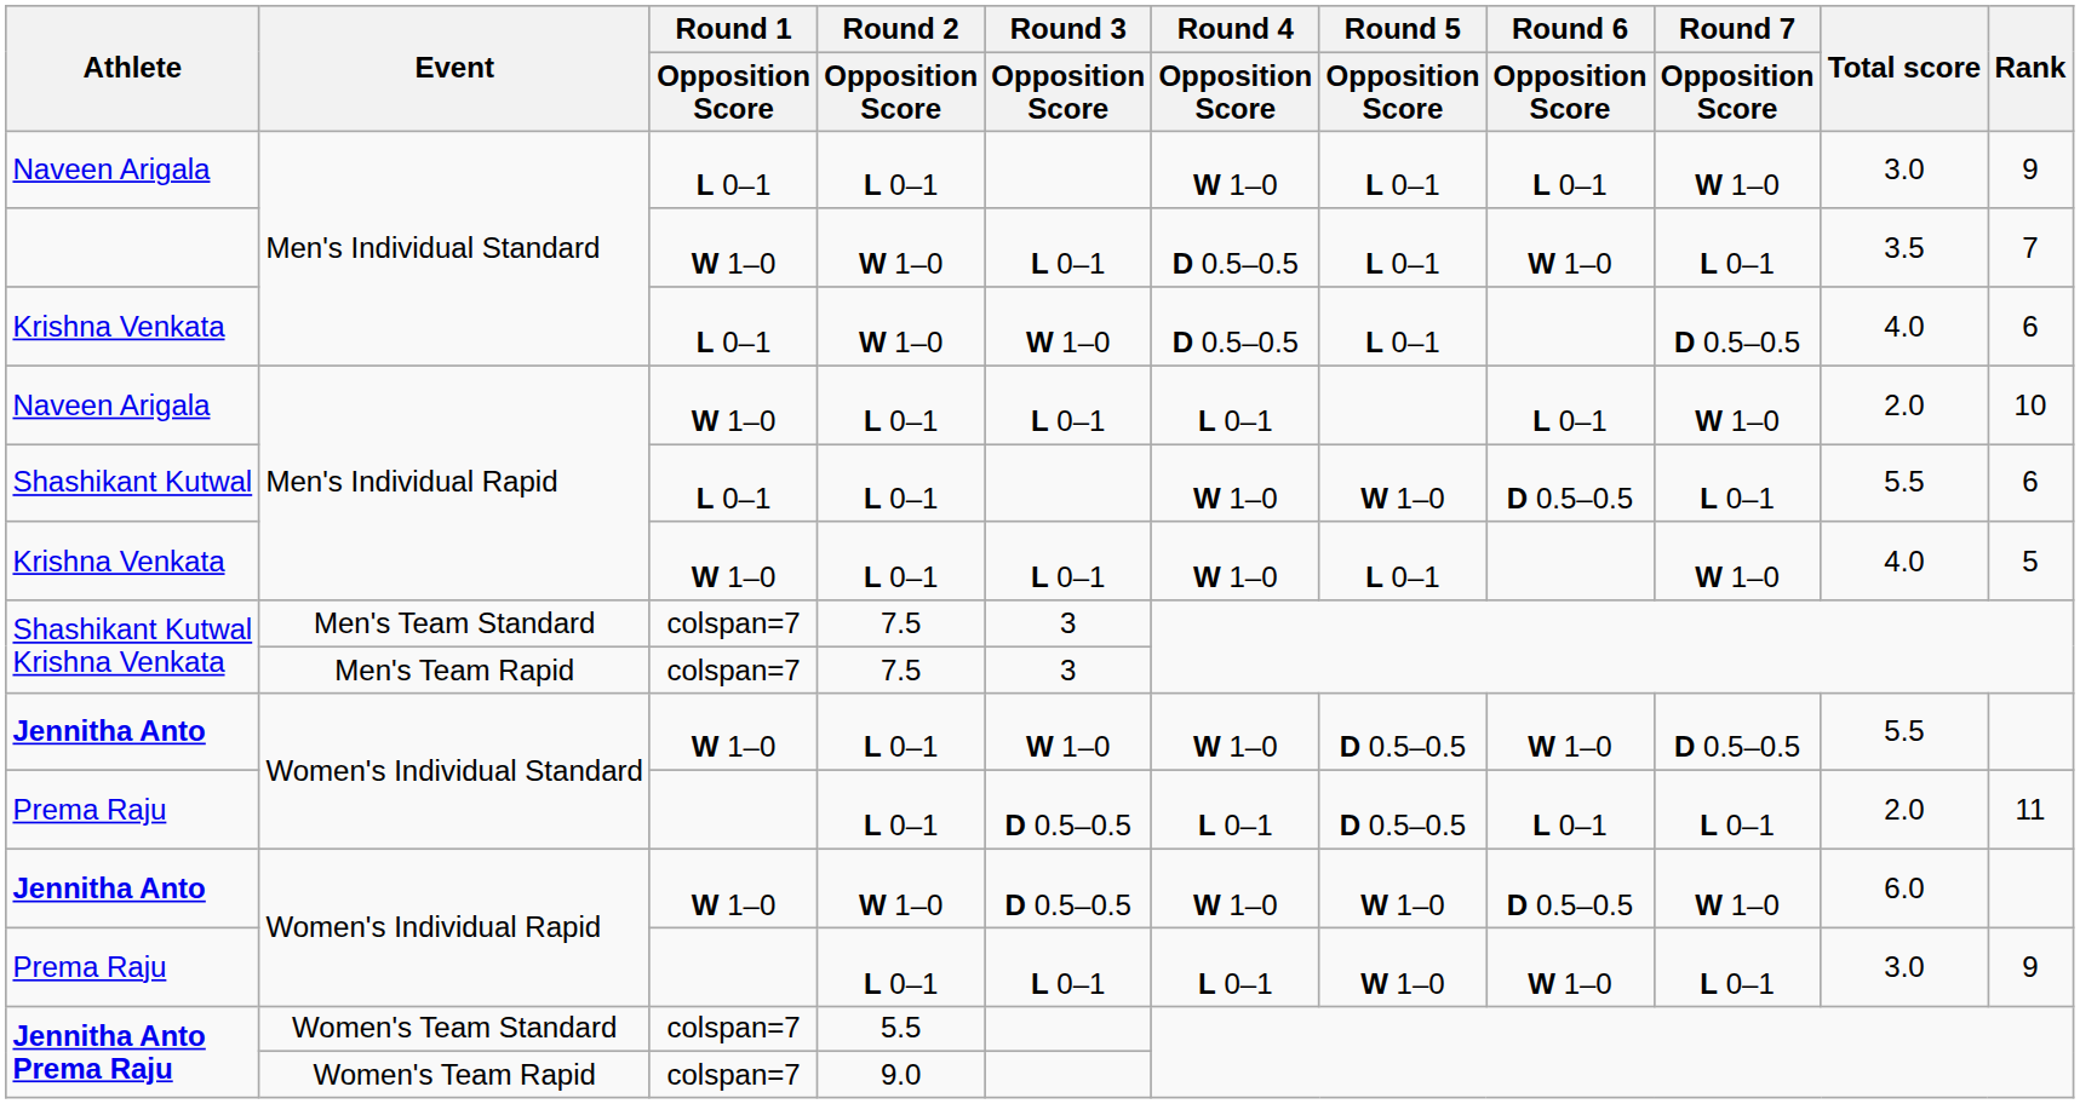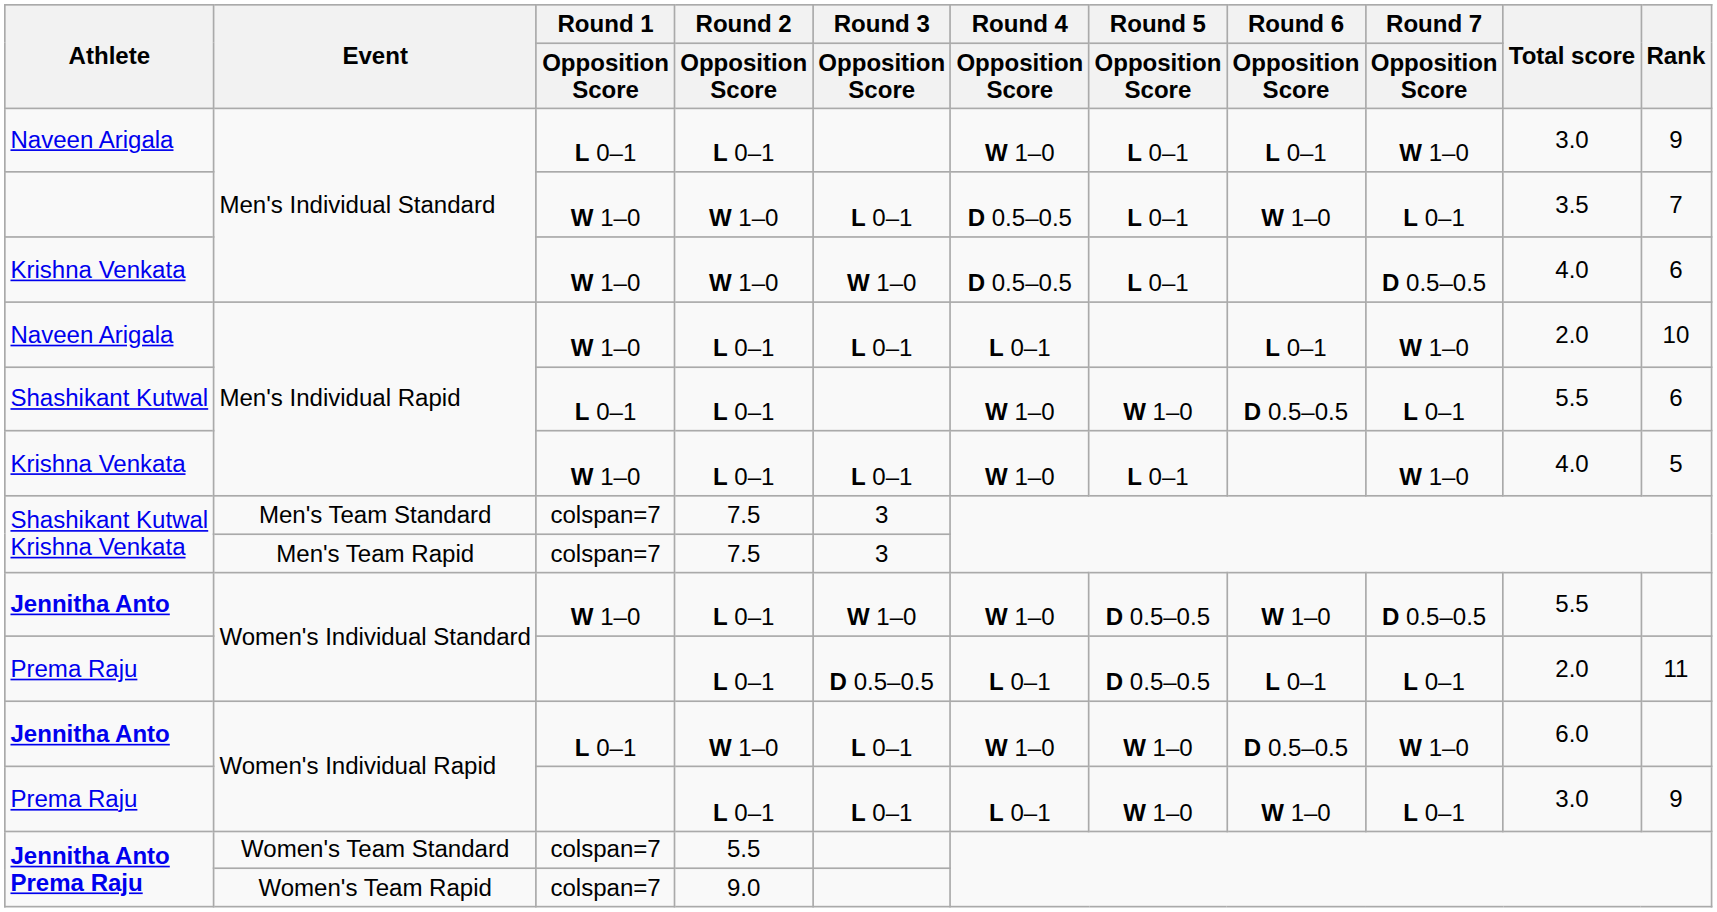 <table class="wikitable" style="text-align:center; font-size:90%">
 <tr>
 <th rowspan=2>Athlete</th>
 <th rowspan=2>Event</th>
 <th>Round 1</th>
 <th>Round 2</th>
 <th>Round 3</th>
 <th>Round 4</th>
 <th>Round 5</th>
 <th>Round 6</th>
 <th>Round 7</th>
 <th rowspan=2>Total score</th>
 <th rowspan=2>Rank</th>
 </tr>
 <tr>
 <th>Opposition<br>Score</th>
 <th>Opposition<br>Score</th>
 <th>Opposition<br>Score</th>
 <th>Opposition<br>Score</th>
 <th>Opposition<br>Score</th>
 <th>Opposition<br>Score</th>
 <th>Opposition<br>Score</th>
 </tr>
 <tr>
 <td align="left"><a href='#'>Naveen Arigala</a></td>
 <td align="left" rowspan="3">Men's Individual Standard</td>
 <td><br><strong>L</strong> 0–1</td>
 <td><br><strong>L</strong> 0–1</td>
 <td></td>
 <td><br><strong>W</strong> 1–0</td>
 <td><br><strong>L</strong> 0–1</td>
 <td><br><strong>L</strong> 0–1</td>
 <td><br><strong>W</strong> 1–0</td>
 <td>3.0</td>
 <td>9</td>
 </tr>
 <tr>
 <td align="left"></td>
 <td><br><strong>W</strong> 1–0</td>
 <td><br><strong>W</strong> 1–0</td>
 <td><br><strong>L</strong> 0–1</td>
 <td><br><strong>D</strong> 0.5–0.5</td>
 <td><br><strong>L</strong> 0–1</td>
 <td><br><strong>W</strong> 1–0</td>
 <td><br><strong>L</strong> 0–1</td>
 <td>3.5</td>
 <td>7</td>
 </tr>
 <tr>
 <td align="left"><a href='#'>Krishna Venkata</a></td>
-<td><br><strong>L</strong> 0–1</td>
+<td><br><strong>W</strong> 1–0</td>
 <td><br><strong>W</strong> 1–0</td>
 <td><br><strong>W</strong> 1–0</td>
 <td><br><strong>D</strong> 0.5–0.5</td>
 <td><br><strong>L</strong> 0–1</td>
 <td></td>
 <td><br><strong>D</strong> 0.5–0.5</td>
 <td>4.0</td>
 <td>6</td>
 </tr>
 <tr>
 <td align="left"><a href='#'>Naveen Arigala</a></td>
 <td align="left" rowspan="3">Men's Individual Rapid</td>
 <td><br><strong>W</strong> 1–0</td>
 <td><br><strong>L</strong> 0–1</td>
 <td><br><strong>L</strong> 0–1</td>
 <td><br><strong>L</strong> 0–1</td>
 <td></td>
 <td><br><strong>L</strong> 0–1</td>
 <td><br><strong>W</strong> 1–0</td>
 <td>2.0</td>
 <td>10</td>
 </tr>
 <tr>
 <td align="left"><a href='#'>Shashikant Kutwal</a></td>
 <td><br><strong>L</strong> 0–1</td>
 <td><br><strong>L</strong> 0–1</td>
 <td></td>
 <td><br><strong>W</strong> 1–0</td>
 <td><br><strong>W</strong> 1–0</td>
 <td><br><strong>D</strong> 0.5–0.5</td>
 <td><br><strong>L</strong> 0–1</td>
 <td>5.5</td>
 <td>6</td>
 </tr>
 <tr>
 <td align="left"><a href='#'>Krishna Venkata</a></td>
 <td><br><strong>W</strong> 1–0</td>
 <td><br><strong>L</strong> 0–1</td>
 <td><br><strong>L</strong> 0–1</td>
 <td><br><strong>W</strong> 1–0</td>
 <td><br><strong>L</strong> 0–1</td>
 <td></td>
 <td><br><strong>W</strong> 1–0</td>
 <td>4.0</td>
 <td>5</td>
 </tr>
 <tr>
 <td align="left" rowspan=2><a href='#'>Shashikant Kutwal</a><br><a href='#'>Krishna Venkata</a></td>
 <td>Men's Team Standard</td>
 <td>colspan=7 </td>
 <td>7.5</td>
 <td>3</td>
 </tr>
 <tr>
 <td>Men's Team Rapid</td>
 <td>colspan=7 </td>
 <td>7.5</td>
 <td>3</td>
 </tr>
 <tr>
 <td align="left"><strong><a href='#'>Jennitha Anto</a></strong></td>
 <td align="left" rowspan=2>Women's Individual Standard</td>
 <td><br><strong>W</strong> 1–0</td>
 <td><br><strong>L</strong> 0–1</td>
 <td><br><strong>W</strong> 1–0</td>
 <td><br><strong>W</strong> 1–0</td>
 <td><br><strong>D</strong> 0.5–0.5</td>
 <td><br><strong>W</strong> 1–0</td>
 <td><br><strong>D</strong> 0.5–0.5</td>
 <td>5.5</td>
 <td></td>
 </tr>
 <tr>
 <td align="left"><a href='#'>Prema Raju</a></td>
 <td></td>
 <td><br><strong>L</strong> 0–1</td>
 <td><br><strong>D</strong> 0.5–0.5</td>
 <td><br><strong>L</strong> 0–1</td>
 <td><br><strong>D</strong> 0.5–0.5</td>
 <td><br><strong>L</strong> 0–1</td>
 <td><br><strong>L</strong> 0–1</td>
 <td>2.0</td>
 <td>11</td>
 </tr>
 <tr>
 <td align="left"><strong><a href='#'>Jennitha Anto</a></strong></td>
 <td align="left" rowspan=2>Women's Individual Rapid</td>
+<td><br><strong>L</strong> 0–1</td>
 <td><br><strong>W</strong> 1–0</td>
-<td><br><strong>W</strong> 1–0</td>
-<td><br><strong>D</strong> 0.5–0.5</td>
+<td><br><strong>L</strong> 0–1</td>
 <td><br><strong>W</strong> 1–0</td>
 <td><br><strong>W</strong> 1–0</td>
 <td><br><strong>D</strong> 0.5–0.5</td>
 <td><br><strong>W</strong> 1–0</td>
 <td>6.0</td>
 <td></td>
 </tr>
 <tr>
 <td align="left"><a href='#'>Prema Raju</a></td>
 <td></td>
 <td><br><strong>L</strong> 0–1</td>
 <td><br><strong>L</strong> 0–1</td>
 <td><br><strong>L</strong> 0–1</td>
 <td><br><strong>W</strong> 1–0</td>
 <td><br><strong>W</strong> 1–0</td>
 <td><br><strong>L</strong> 0–1</td>
 <td>3.0</td>
 <td>9</td>
 </tr>
 <tr>
 <td align="left" rowspan=2><strong><a href='#'>Jennitha Anto</a><br><a href='#'>Prema Raju</a></strong></td>
 <td>Women's Team Standard</td>
 <td>colspan=7 </td>
 <td>5.5</td>
 <td></td>
 </tr>
 <tr>
 <td>Women's Team Rapid</td>
 <td>colspan=7 </td>
 <td>9.0</td>
 <td></td>
 </tr>
 </table>
